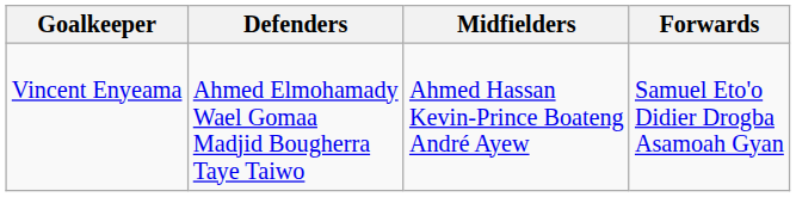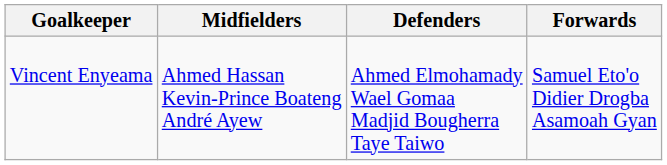 <table class="wikitable" style="margin:0 auto">
 <tr>
 <th>Goalkeeper</th>
+<th>Midfielders</th>
 <th>Defenders</th>
-<th>Midfielders</th>
 <th>Forwards</th>
 </tr>
 <tr>
 <td align=left valign=top><br> <a href='#'>Vincent Enyeama</a></td>
+<td align=left valign=top><br> <a href='#'>Ahmed Hassan</a><br>  <a href='#'>Kevin-Prince Boateng </a><br>  <a href='#'>André Ayew</a></td>
 <td align=left valign=top><br> <a href='#'>Ahmed Elmohamady</a><br>  <a href='#'>Wael Gomaa</a><br>  <a href='#'>Madjid Bougherra</a><br>  <a href='#'>Taye Taiwo</a></td>
-<td align=left valign=top><br> <a href='#'>Ahmed Hassan</a><br>  <a href='#'>Kevin-Prince Boateng </a><br>  <a href='#'>André Ayew</a></td>
 <td align=left valign=top><br> <a href='#'>Samuel Eto'o</a><br>  <a href='#'>Didier Drogba</a><br>  <a href='#'>Asamoah Gyan</a></td>
 </tr>
 </table>
